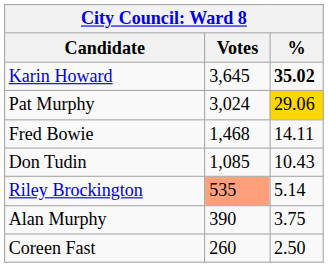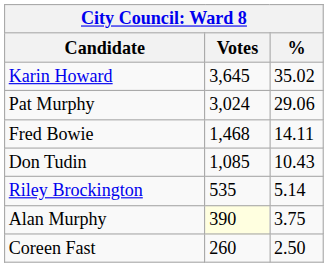 <table class="wikitable">
 <tr>
 <th colspan="3"><a href='#'>City Council: Ward 8</a></th>
 </tr>
 <tr>
 <th style="width: 170px">Candidate</th>
 <th style="width: 50px">Votes</th>
 <th style="width: 40px">%</th>
 </tr>
 <tr>
 <td><a href='#'>Karin Howard</a></td>
 <td>3,645</td>
-<td><strong>35.02</strong></td>
+<td>35.02</td>
 </tr>
 <tr>
 <td>Pat Murphy</td>
 <td>3,024</td>
-<td style="background: gold;">29.06</td>
+<td>29.06</td>
 </tr>
 <tr>
 <td>Fred Bowie</td>
 <td>1,468</td>
 <td>14.11</td>
 </tr>
 <tr>
 <td>Don Tudin</td>
 <td>1,085</td>
 <td>10.43</td>
 </tr>
 <tr>
 <td><a href='#'>Riley Brockington</a></td>
-<td style="background: lightsalmon;">535</td>
+<td>535</td>
 <td>5.14</td>
 </tr>
 <tr>
 <td>Alan Murphy</td>
-<td>390</td>
+<td style="background: lightyellow;">390</td>
 <td>3.75</td>
 </tr>
 <tr>
 <td>Coreen Fast</td>
 <td>260</td>
 <td>2.50</td>
 </tr>
 </table>
